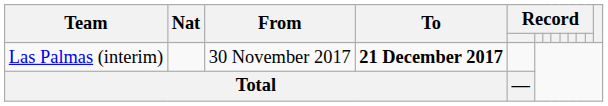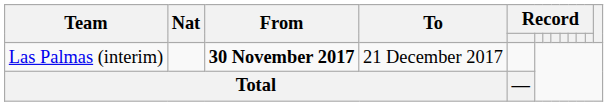 <table class="wikitable" style="text-align: center">
 <tr>
 <th rowspan="2">Team</th>
 <th rowspan="2">Nat</th>
 <th rowspan="2">From</th>
 <th rowspan="2">To</th>
 <th colspan="8">Record</th>
 <th rowspan=2></th>
 </tr>
 <tr>
 <th></th>
 <th></th>
 <th></th>
 <th></th>
 <th></th>
 <th></th>
 <th></th>
 <th></th>
 </tr>
 <tr>
 <td align=left><a href='#'>Las Palmas</a> (interim)</td>
 <td></td>
-<td align=left>30 November 2017</td>
-<td align=left><strong>21 December 2017<br></strong></td>
+<td align=left><strong>30 November 2017</strong></td>
+<td align=left>21 December 2017<br></td>
 <td></td>
 </tr>
 <tr>
 <th colspan="4">Total<br></th>
 <th>—</th>
 </tr>
 </table>
